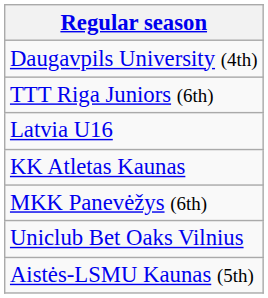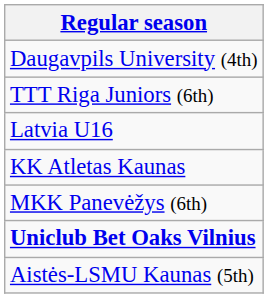 <table class="wikitable" style="white-space: nowrap;">
 <tr>
 <th colspan=1><a href='#'>Regular season</a></th>
 </tr>
 <tr>
 <td width=170> <a href='#'>Daugavpils University</a> <small>(4th)</small></td>
 </tr>
 <tr>
 <td width=170> <a href='#'>TTT Riga Juniors</a> <small>(6th)</small></td>
 </tr>
 <tr>
 <td width=170> <a href='#'>Latvia U16</a></td>
 </tr>
 <tr>
 <td width=170> <a href='#'>KK Atletas Kaunas</a></td>
 </tr>
 <tr>
 <td width=170> <a href='#'>MKK Panevėžys</a> <small>(6th)</small></td>
 </tr>
 <tr>
-<td width=170> <a href='#'>Uniclub Bet Oaks Vilnius</a></td>
+<td width=170><strong> <a href='#'>Uniclub Bet Oaks Vilnius</a></strong></td>
 </tr>
 <tr>
 <td width=170> <a href='#'>Aistės-LSMU Kaunas</a> <small>(5th)</small></td>
 </tr>
 </table>
